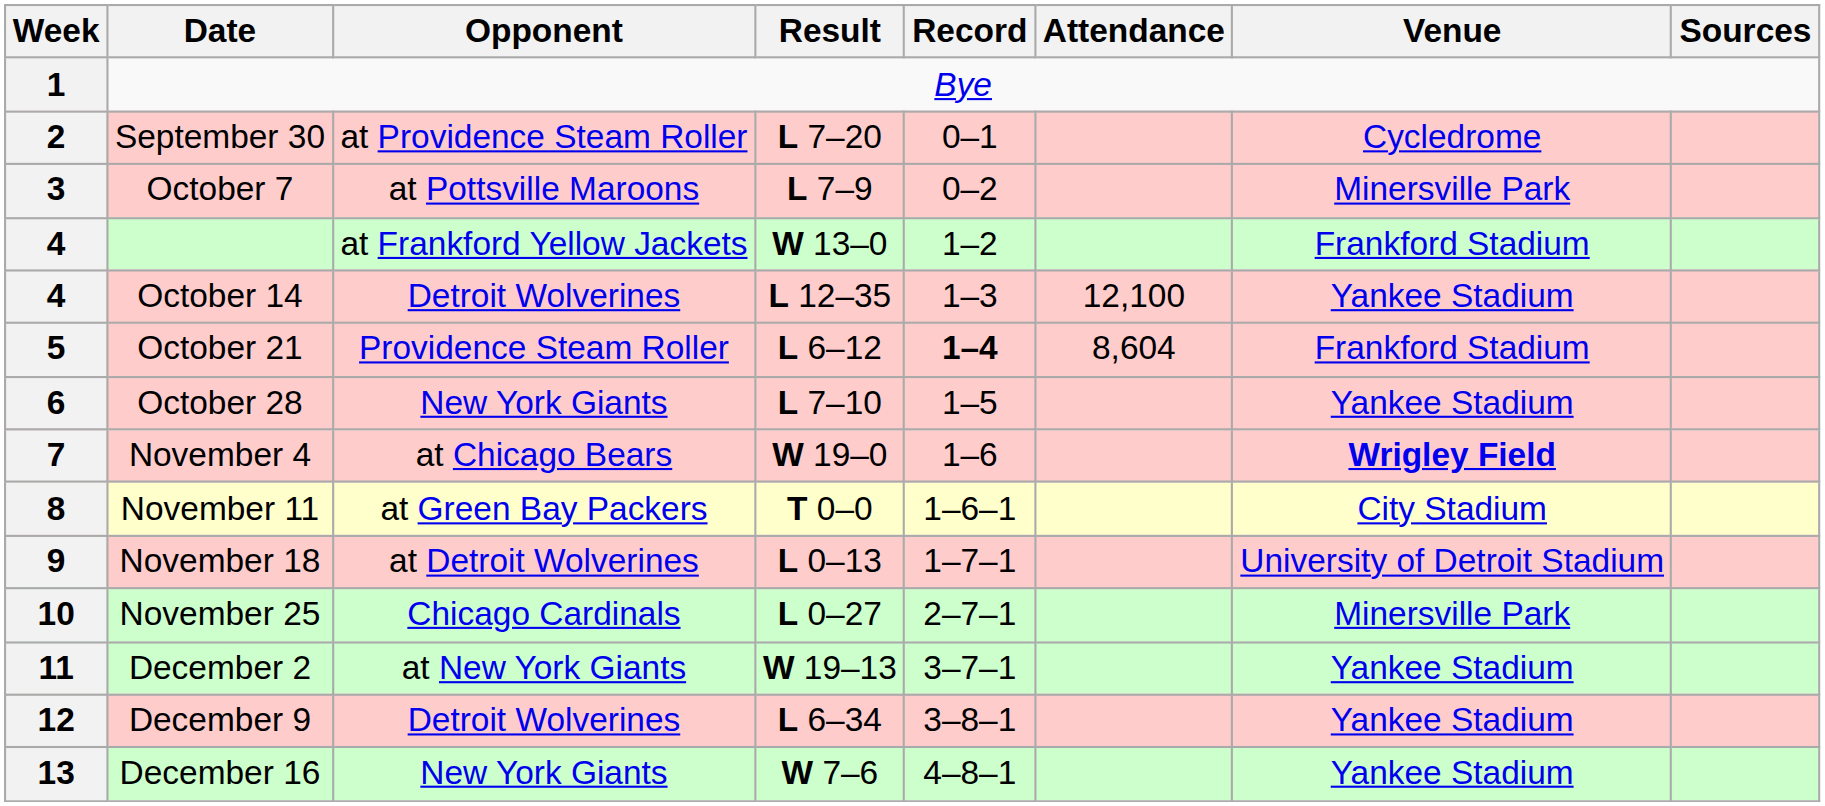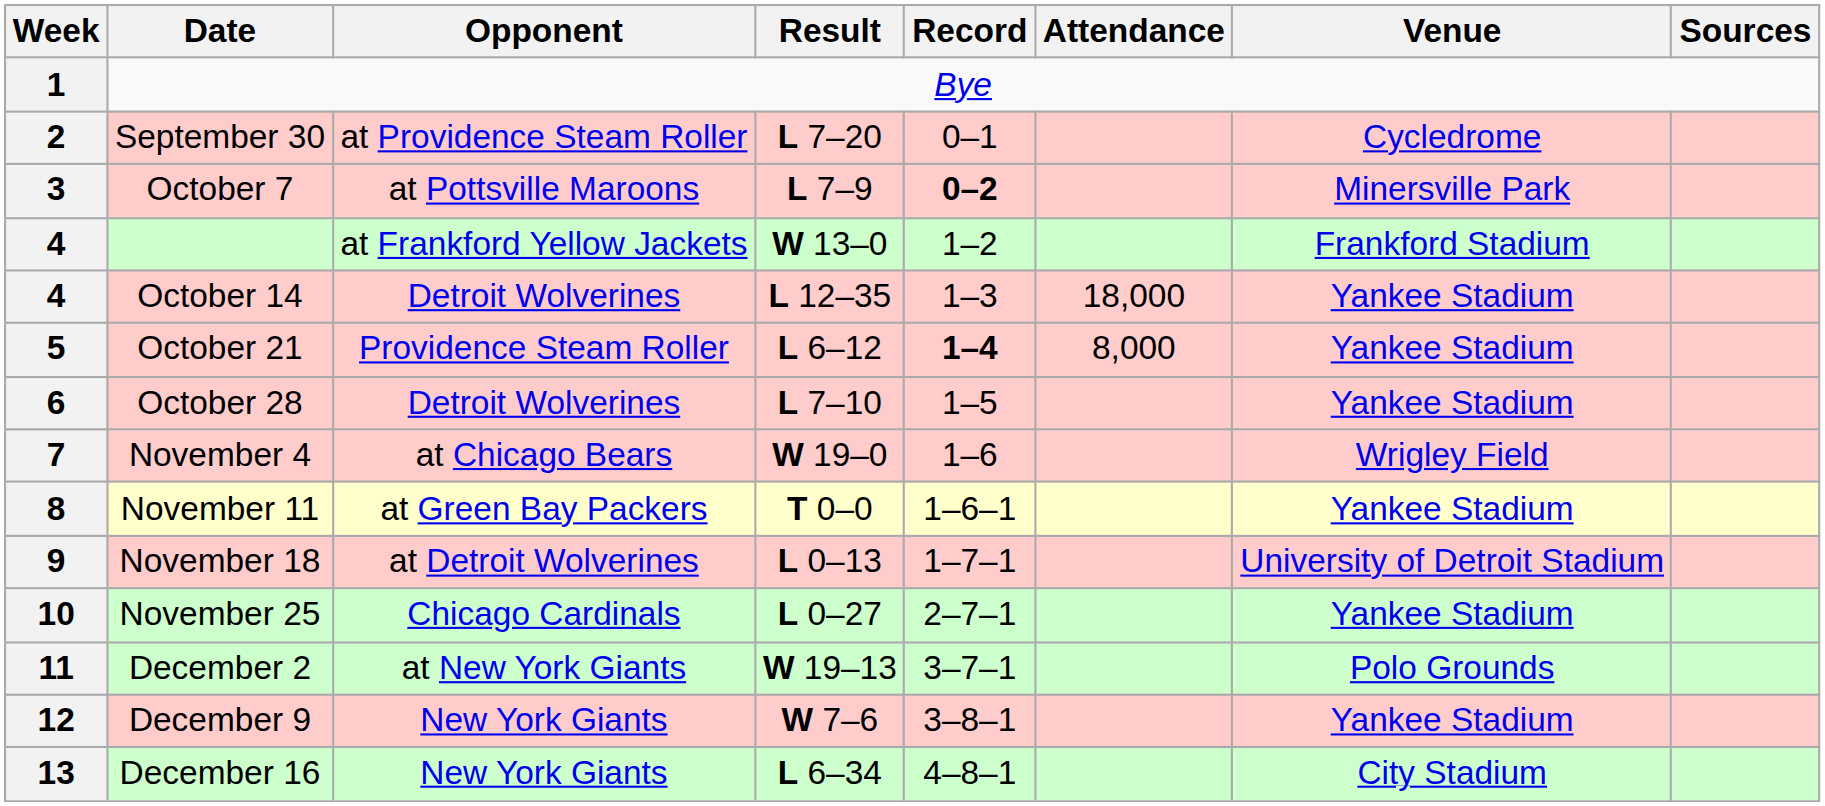 <table class="wikitable" style="text-align:center">
 <tr>
 <th>Week</th>
 <th>Date</th>
 <th>Opponent</th>
 <th>Result</th>
 <th>Record</th>
 <th>Attendance</th>
 <th>Venue</th>
 <th>Sources</th>
 </tr>
 <tr>
 <th>1</th>
 <td colspan="8"><em><a href='#'>Bye</a></em></td>
 </tr>
 <tr style="background:#fcc">
 <th>2</th>
 <td>September 30</td>
 <td>at <a href='#'>Providence Steam Roller</a></td>
 <td><strong>L</strong> 7–20</td>
 <td>0–1</td>
 <td></td>
 <td><a href='#'>Cycledrome</a></td>
 <td></td>
 </tr>
 <tr style="background:#fcc">
 <th>3</th>
 <td>October 7</td>
 <td>at <a href='#'>Pottsville Maroons</a></td>
 <td><strong>L</strong> 7–9</td>
-<td>0–2</td>
+<td><strong>0–2</strong></td>
 <td></td>
 <td><a href='#'>Minersville Park</a></td>
 <td></td>
 </tr>
 <tr style="background:#cfc">
 <th>4</th>
 <td></td>
 <td>at <a href='#'>Frankford Yellow Jackets</a></td>
 <td><strong>W</strong> 13–0</td>
 <td>1–2</td>
 <td></td>
 <td><a href='#'>Frankford Stadium</a></td>
 <td></td>
 </tr>
 <tr style="background:#fcc">
 <th>4</th>
 <td>October 14</td>
 <td><a href='#'>Detroit Wolverines</a></td>
 <td><strong>L</strong> 12–35</td>
 <td>1–3</td>
-<td>12,100</td>
+<td>18,000</td>
 <td><a href='#'>Yankee Stadium</a></td>
 <td></td>
 </tr>
 <tr style="background:#fcc">
 <th>5</th>
 <td>October 21</td>
 <td><a href='#'>Providence Steam Roller</a></td>
 <td><strong>L</strong> 6–12</td>
 <td><strong>1–4</strong></td>
-<td>8,604</td>
-<td><a href='#'>Frankford Stadium</a></td>
+<td>8,000</td>
+<td><a href='#'>Yankee Stadium</a></td>
 <td></td>
 </tr>
 <tr style="background:#fcc">
 <th>6</th>
 <td>October 28</td>
-<td><a href='#'>New York Giants</a></td>
+<td><a href='#'>Detroit Wolverines</a></td>
 <td><strong>L</strong> 7–10</td>
 <td>1–5</td>
 <td></td>
 <td><a href='#'>Yankee Stadium</a></td>
 <td></td>
 </tr>
 <tr style="background:#fcc">
 <th>7</th>
 <td>November 4</td>
 <td>at <a href='#'>Chicago Bears</a></td>
 <td><strong>W</strong> 19–0</td>
 <td>1–6</td>
 <td></td>
-<td><strong><a href='#'>Wrigley Field</a></strong></td>
+<td><a href='#'>Wrigley Field</a></td>
 <td></td>
 </tr>
 <tr style="background:#ffc">
 <th>8</th>
 <td>November 11</td>
 <td>at <a href='#'>Green Bay Packers</a></td>
 <td><strong>T</strong> 0–0</td>
 <td>1–6–1</td>
 <td></td>
-<td><a href='#'>City Stadium</a></td>
+<td><a href='#'>Yankee Stadium</a></td>
 <td></td>
 </tr>
 <tr style="background:#fcc">
 <th>9</th>
 <td>November 18</td>
 <td>at <a href='#'>Detroit Wolverines</a></td>
 <td><strong>L</strong> 0–13</td>
 <td>1–7–1</td>
 <td></td>
 <td><a href='#'>University of Detroit Stadium</a></td>
 <td></td>
 </tr>
 <tr style="background:#cfc">
 <th>10</th>
 <td>November 25</td>
 <td><a href='#'>Chicago Cardinals</a></td>
 <td><strong>L</strong> 0–27</td>
 <td>2–7–1</td>
 <td></td>
-<td><a href='#'>Minersville Park</a></td>
+<td><a href='#'>Yankee Stadium</a></td>
 <td></td>
 </tr>
 <tr style="background:#cfc">
 <th>11</th>
 <td>December 2</td>
 <td>at <a href='#'>New York Giants</a></td>
 <td><strong>W</strong> 19–13</td>
 <td>3–7–1</td>
 <td></td>
-<td><a href='#'>Yankee Stadium</a></td>
+<td><a href='#'>Polo Grounds</a></td>
 <td></td>
 </tr>
 <tr style="background:#fcc">
 <th>12</th>
 <td>December 9</td>
-<td><a href='#'>Detroit Wolverines</a></td>
-<td><strong>L</strong> 6–34</td>
+<td><a href='#'>New York Giants</a></td>
+<td><strong>W</strong> 7–6</td>
 <td>3–8–1</td>
 <td></td>
 <td><a href='#'>Yankee Stadium</a></td>
 <td></td>
 </tr>
 <tr style="background:#cfc">
 <th>13</th>
 <td>December 16</td>
 <td><a href='#'>New York Giants</a></td>
-<td><strong>W</strong> 7–6</td>
+<td><strong>L</strong> 6–34</td>
 <td>4–8–1</td>
 <td></td>
-<td><a href='#'>Yankee Stadium</a></td>
+<td><a href='#'>City Stadium</a></td>
 <td></td>
 </tr>
 </table>
